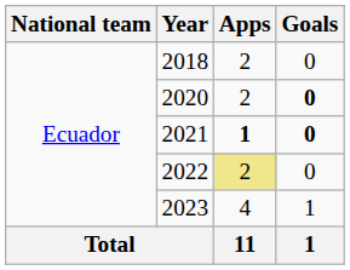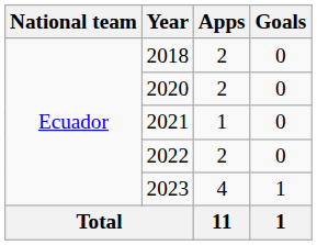 <table class="wikitable" style="text-align:center">
 <tr>
 <th>National team</th>
 <th>Year</th>
 <th>Apps</th>
 <th>Goals</th>
 </tr>
 <tr>
 <td rowspan=5><a href='#'>Ecuador</a></td>
 <td>2018</td>
 <td>2</td>
 <td>0</td>
 </tr>
 <tr>
 <td>2020</td>
 <td>2</td>
-<td><strong>0</strong></td>
+<td>0</td>
 </tr>
 <tr>
 <td>2021</td>
-<td><strong>1</strong></td>
-<td><strong>0</strong></td>
+<td>1</td>
+<td>0</td>
 </tr>
 <tr>
 <td>2022</td>
-<td style="background: khaki;">2</td>
+<td>2</td>
 <td>0</td>
 </tr>
 <tr>
 <td>2023</td>
 <td>4</td>
 <td>1</td>
 </tr>
 <tr>
 <th colspan=2>Total</th>
 <th>11</th>
 <th>1</th>
 </tr>
 </table>
